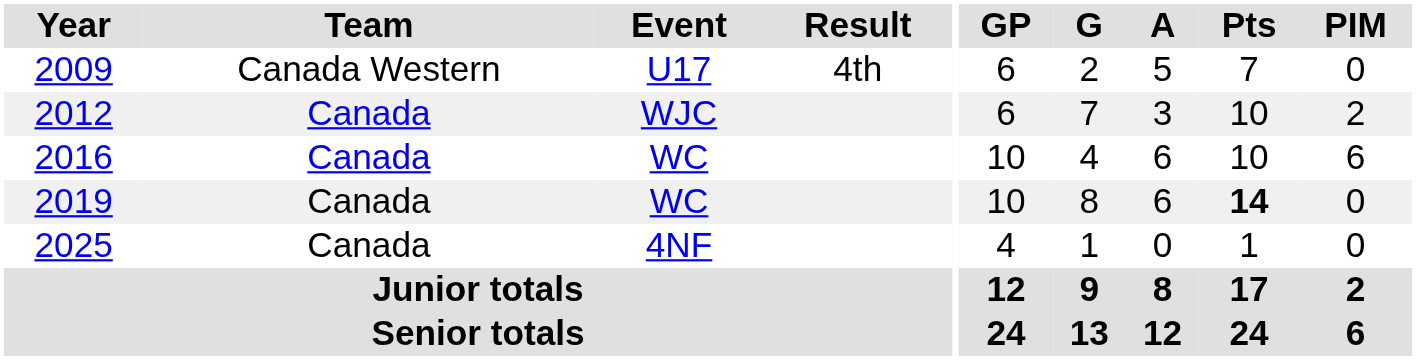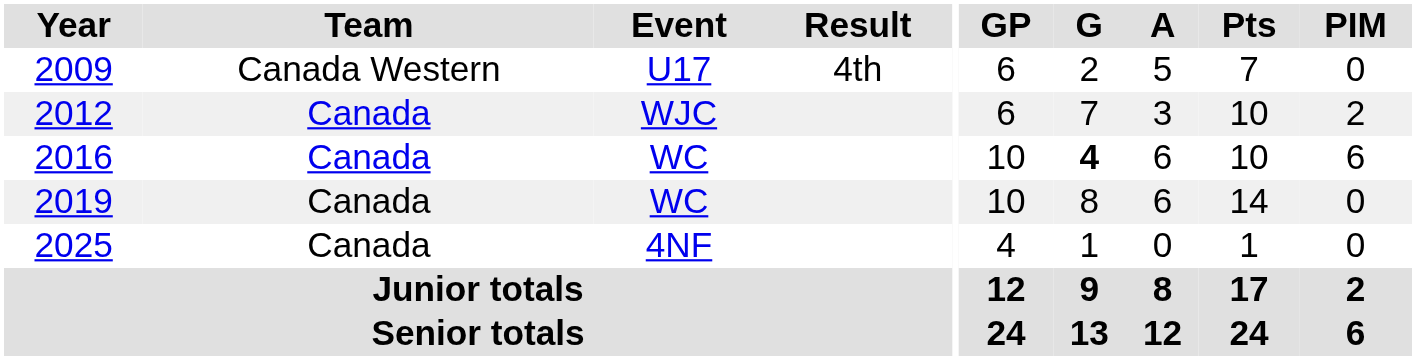 <table border="0" cellpadding="1" cellspacing="0" ID="Table3" style="text-align:center; width:40em">
 <tr style="text-align:center; background:#e0e0e0">
 <th>Year</th>
 <th>Team</th>
 <th>Event</th>
 <th>Result</th>
 <th rowspan="100" style="background:#ffffff"></th>
 <th>GP</th>
 <th>G</th>
 <th>A</th>
 <th>Pts</th>
 <th>PIM</th>
 </tr>
 <tr style="text-align:center">
 <td><a href='#'>2009</a></td>
 <td>Canada Western</td>
 <td><a href='#'>U17</a></td>
 <td>4th</td>
 <td>6</td>
 <td>2</td>
 <td>5</td>
 <td>7</td>
 <td>0</td>
 </tr>
 <tr style="text-align:center; background:#f0f0f0">
 <td><a href='#'>2012</a></td>
 <td><a href='#'>Canada</a></td>
 <td><a href='#'>WJC</a></td>
 <td></td>
 <td>6</td>
 <td>7</td>
 <td>3</td>
 <td>10</td>
 <td>2</td>
 </tr>
 <tr style="text-align:center">
 <td><a href='#'>2016</a></td>
 <td><a href='#'>Canada</a></td>
 <td><a href='#'>WC</a></td>
 <td></td>
 <td>10</td>
-<td>4</td>
+<td><strong>4</strong></td>
 <td>6</td>
 <td>10</td>
 <td>6</td>
 </tr>
 <tr style="text-align:center; background:#f0f0f0">
 <td><a href='#'>2019</a></td>
 <td>Canada</td>
 <td><a href='#'>WC</a></td>
 <td></td>
 <td>10</td>
 <td>8</td>
 <td>6</td>
-<td><strong>14</strong></td>
+<td>14</td>
 <td>0</td>
 </tr>
 <tr>
 <td><a href='#'>2025</a></td>
 <td>Canada</td>
 <td><a href='#'>4NF</a></td>
 <td></td>
 <td>4</td>
 <td>1</td>
 <td>0</td>
 <td>1</td>
 <td>0</td>
 </tr>
 <tr style="background:#e0e0e0">
 <th colspan="4">Junior totals</th>
 <th>12</th>
 <th>9</th>
 <th>8</th>
 <th>17</th>
 <th>2</th>
 </tr>
 <tr style="background:#e0e0e0">
 <th colspan="4">Senior totals</th>
 <th>24</th>
 <th>13</th>
 <th>12</th>
 <th>24</th>
 <th>6</th>
 </tr>
 </table>
